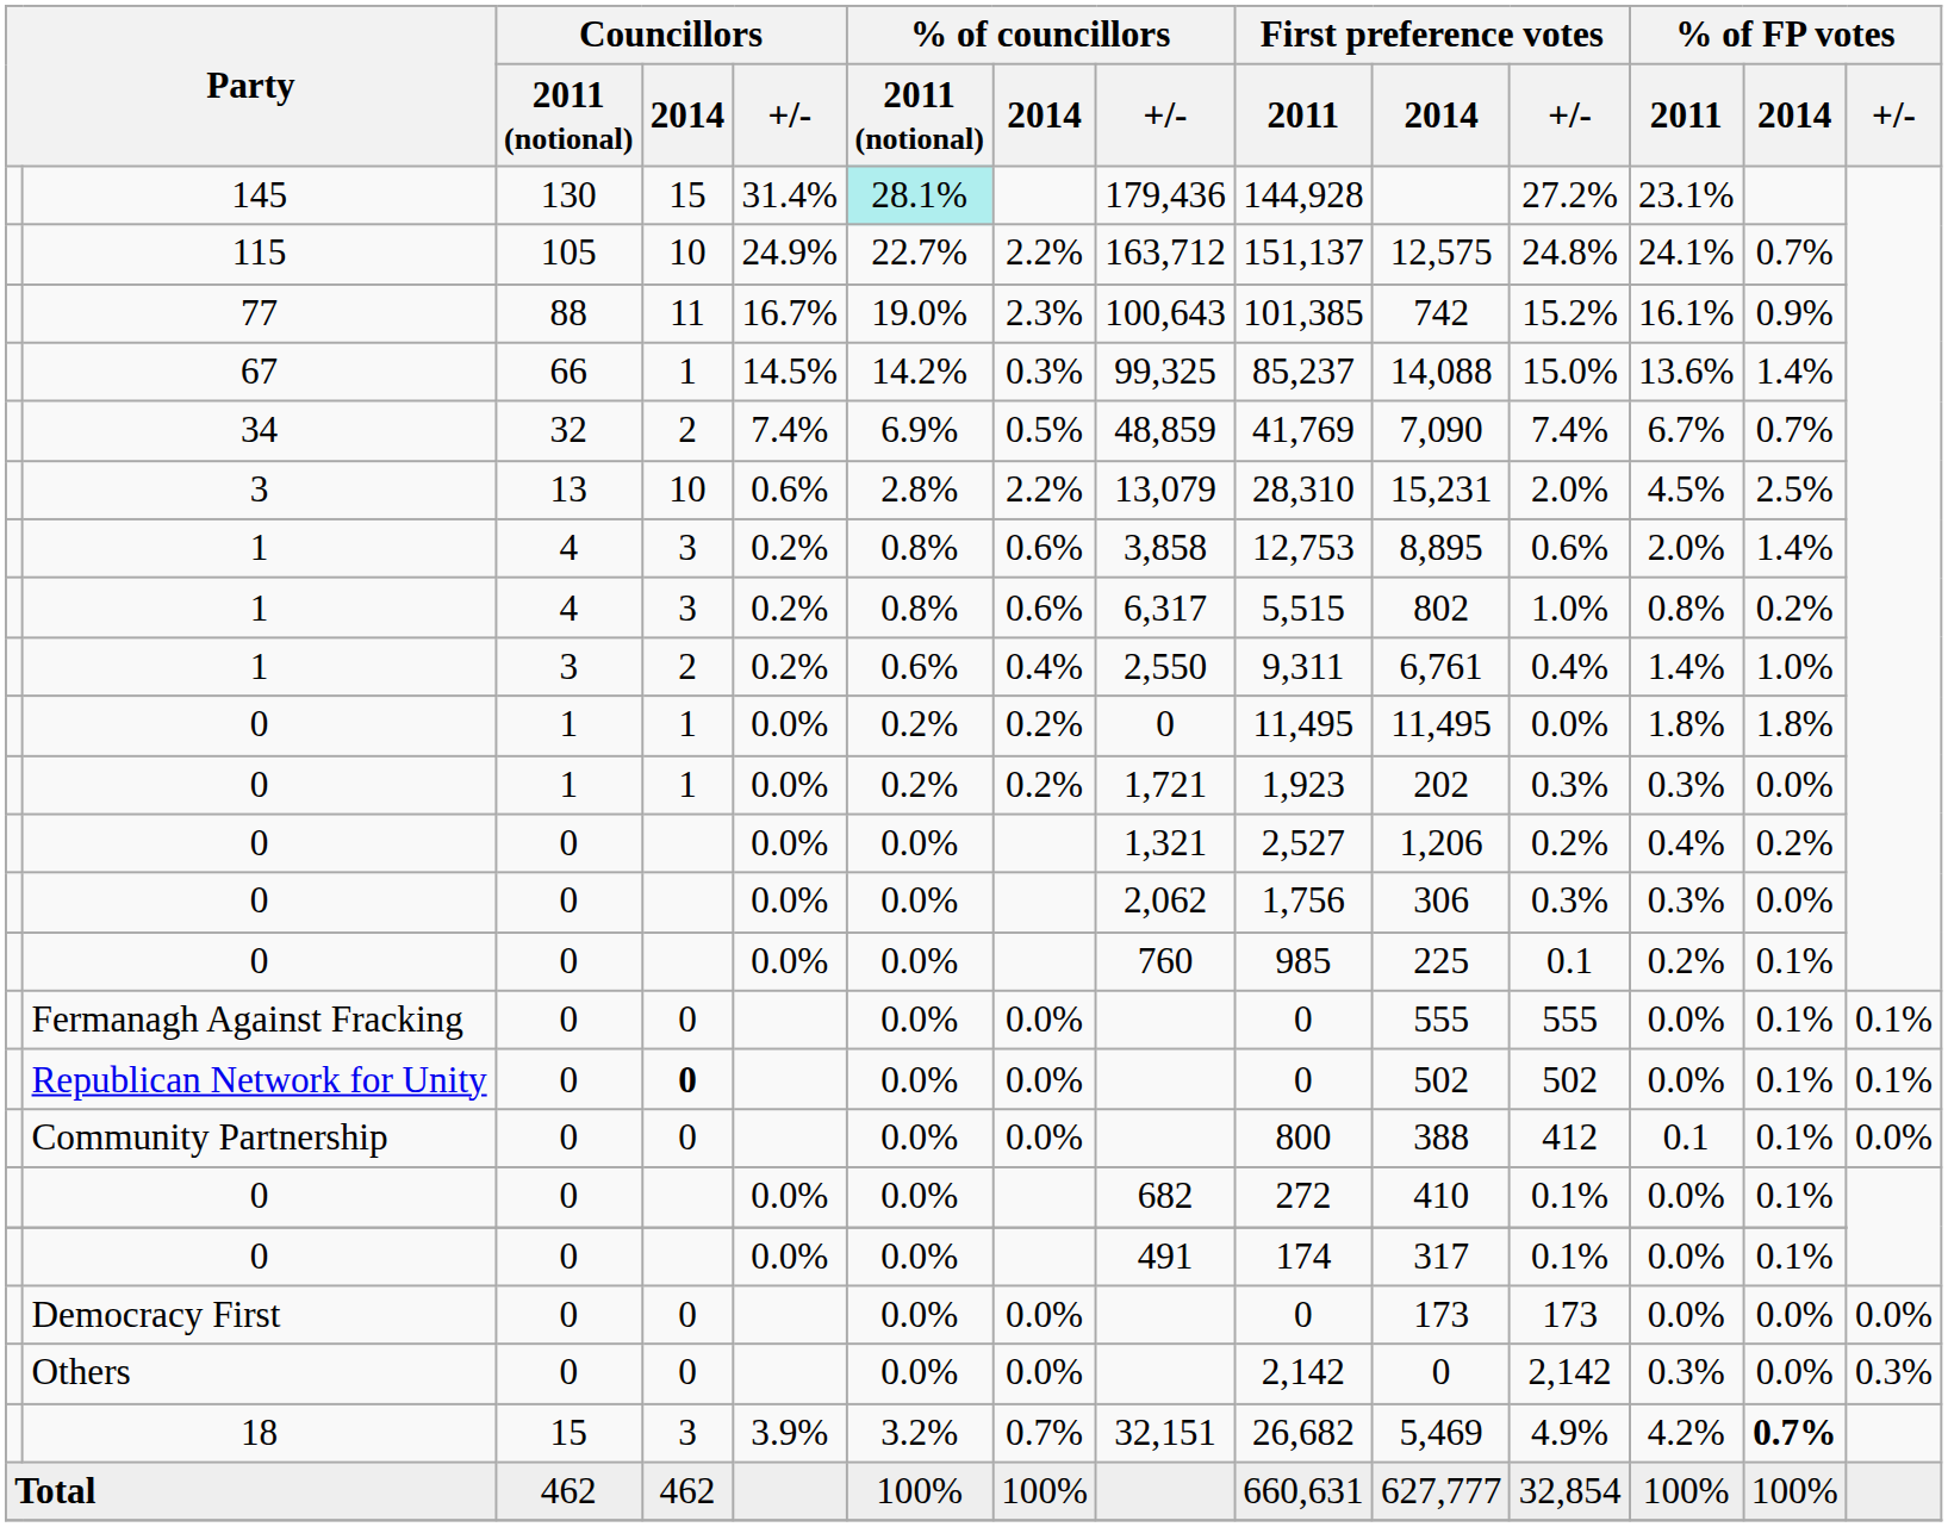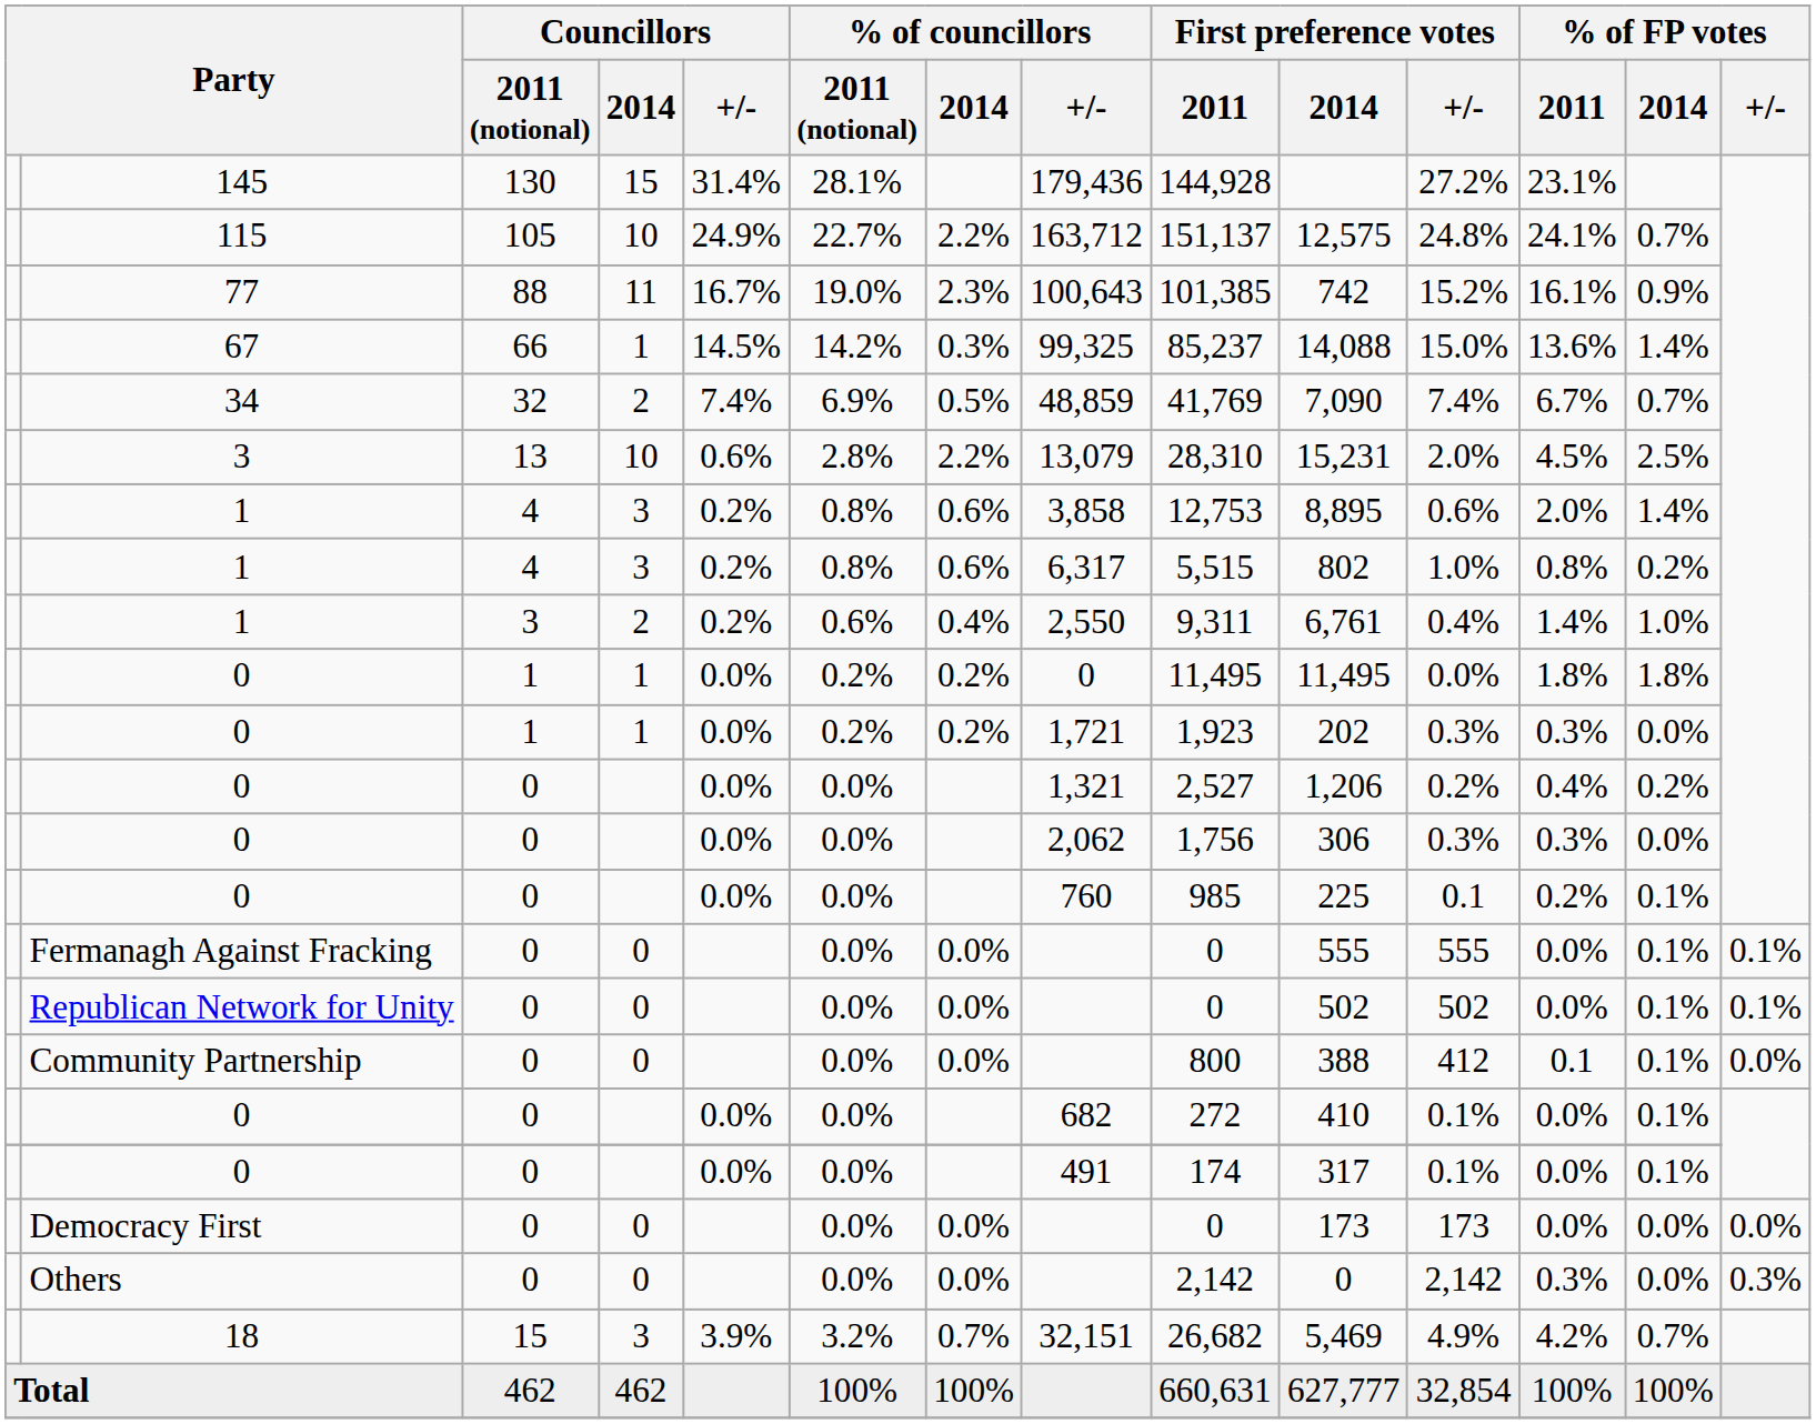 <table class="wikitable sortable" border="1" style="text-align:center">
 <tr>
 <th colspan="2" rowspan="2">Party</th>
 <th colspan="3">Councillors</th>
 <th colspan="3">% of councillors</th>
 <th colspan="3">First preference votes</th>
 <th colspan="3">% of FP votes</th>
 </tr>
 <tr>
 <th>2011 <br><small>(notional)</small></th>
 <th>2014</th>
 <th>+/-</th>
 <th>2011 <br><small>(notional)</small></th>
 <th>2014</th>
 <th>+/-</th>
 <th>2011</th>
 <th>2014</th>
 <th>+/-</th>
 <th>2011</th>
 <th>2014</th>
 <th>+/-</th>
 </tr>
 <tr>
 <td></td>
 <td>145</td>
 <td>130</td>
 <td>15</td>
 <td>31.4%</td>
-<td style="background: paleturquoise;">28.1%</td>
+<td>28.1%</td>
 <td></td>
 <td>179,436</td>
 <td>144,928</td>
 <td></td>
 <td>27.2%</td>
 <td>23.1%</td>
 <td></td>
 </tr>
 <tr>
 <td></td>
 <td>115</td>
 <td>105</td>
 <td>10</td>
 <td>24.9%</td>
 <td>22.7%</td>
 <td>2.2%</td>
 <td>163,712</td>
 <td>151,137</td>
 <td>12,575</td>
 <td>24.8%</td>
 <td>24.1%</td>
 <td>0.7%</td>
 </tr>
 <tr>
 <td></td>
 <td>77</td>
 <td>88</td>
 <td>11</td>
 <td>16.7%</td>
 <td>19.0%</td>
 <td>2.3%</td>
 <td>100,643</td>
 <td>101,385</td>
 <td>742</td>
 <td>15.2%</td>
 <td>16.1%</td>
 <td>0.9%</td>
 </tr>
 <tr>
 <td></td>
 <td>67</td>
 <td>66</td>
 <td>1</td>
 <td>14.5%</td>
 <td>14.2%</td>
 <td>0.3%</td>
 <td>99,325</td>
 <td>85,237</td>
 <td>14,088</td>
 <td>15.0%</td>
 <td>13.6%</td>
 <td>1.4%</td>
 </tr>
 <tr>
 <td></td>
 <td>34</td>
 <td>32</td>
 <td>2</td>
 <td>7.4%</td>
 <td>6.9%</td>
 <td>0.5%</td>
 <td>48,859</td>
 <td>41,769</td>
 <td>7,090</td>
 <td>7.4%</td>
 <td>6.7%</td>
 <td>0.7%</td>
 </tr>
 <tr>
 <td></td>
 <td>3</td>
 <td>13</td>
 <td>10</td>
 <td>0.6%</td>
 <td>2.8%</td>
 <td>2.2%</td>
 <td>13,079</td>
 <td>28,310</td>
 <td>15,231</td>
 <td>2.0%</td>
 <td>4.5%</td>
 <td>2.5%</td>
 </tr>
 <tr>
 <td></td>
 <td>1</td>
 <td>4</td>
 <td>3</td>
 <td>0.2%</td>
 <td>0.8%</td>
 <td>0.6%</td>
 <td>3,858</td>
 <td>12,753</td>
 <td>8,895</td>
 <td>0.6%</td>
 <td>2.0%</td>
 <td>1.4%</td>
 </tr>
 <tr>
 <td></td>
 <td>1</td>
 <td>4</td>
 <td>3</td>
 <td>0.2%</td>
 <td>0.8%</td>
 <td>0.6%</td>
 <td>6,317</td>
 <td>5,515</td>
 <td>802</td>
 <td>1.0%</td>
 <td>0.8%</td>
 <td>0.2%</td>
 </tr>
 <tr>
 <td></td>
 <td>1</td>
 <td>3</td>
 <td>2</td>
 <td>0.2%</td>
 <td>0.6%</td>
 <td>0.4%</td>
 <td>2,550</td>
 <td>9,311</td>
 <td>6,761</td>
 <td>0.4%</td>
 <td>1.4%</td>
 <td>1.0%</td>
 </tr>
 <tr>
 <td></td>
 <td>0</td>
 <td>1</td>
 <td>1</td>
 <td>0.0%</td>
 <td>0.2%</td>
 <td>0.2%</td>
 <td>0</td>
 <td>11,495</td>
 <td>11,495</td>
 <td>0.0%</td>
 <td>1.8%</td>
 <td>1.8%</td>
 </tr>
 <tr>
 <td></td>
 <td>0</td>
 <td>1</td>
 <td>1</td>
 <td>0.0%</td>
 <td>0.2%</td>
 <td>0.2%</td>
 <td>1,721</td>
 <td>1,923</td>
 <td>202</td>
 <td>0.3%</td>
 <td>0.3%</td>
 <td>0.0%</td>
 </tr>
 <tr>
 <td></td>
 <td>0</td>
 <td>0</td>
 <td></td>
 <td>0.0%</td>
 <td>0.0%</td>
 <td></td>
 <td>1,321</td>
 <td>2,527</td>
 <td>1,206</td>
 <td>0.2%</td>
 <td>0.4%</td>
 <td>0.2%</td>
 </tr>
 <tr>
 <td></td>
 <td>0</td>
 <td>0</td>
 <td></td>
 <td>0.0%</td>
 <td>0.0%</td>
 <td></td>
 <td>2,062</td>
 <td>1,756</td>
 <td>306</td>
 <td>0.3%</td>
 <td>0.3%</td>
 <td>0.0%</td>
 </tr>
 <tr>
 <td></td>
 <td>0</td>
 <td>0</td>
 <td></td>
 <td>0.0%</td>
 <td>0.0%</td>
 <td></td>
 <td>760</td>
 <td>985</td>
 <td>225</td>
 <td>0.1</td>
 <td>0.2%</td>
 <td>0.1%</td>
 </tr>
 <tr>
 <td></td>
 <td style="text-align:left">Fermanagh Against Fracking</td>
 <td>0</td>
 <td>0</td>
 <td></td>
 <td>0.0%</td>
 <td>0.0%</td>
 <td></td>
 <td>0</td>
 <td>555</td>
 <td>555</td>
 <td>0.0%</td>
 <td>0.1%</td>
 <td>0.1%</td>
 </tr>
 <tr>
 <td></td>
 <td style="text-align:left"><a href='#'>Republican Network for Unity</a></td>
 <td>0</td>
-<td><strong>0</strong></td>
+<td>0</td>
 <td></td>
 <td>0.0%</td>
 <td>0.0%</td>
 <td></td>
 <td>0</td>
 <td>502</td>
 <td>502</td>
 <td>0.0%</td>
 <td>0.1%</td>
 <td>0.1%</td>
 </tr>
 <tr>
 <td></td>
 <td style="text-align:left">Community Partnership</td>
 <td>0</td>
 <td>0</td>
 <td></td>
 <td>0.0%</td>
 <td>0.0%</td>
 <td></td>
 <td>800</td>
 <td>388</td>
 <td>412</td>
 <td>0.1</td>
 <td>0.1%</td>
 <td>0.0%</td>
 </tr>
 <tr>
 <td></td>
 <td>0</td>
 <td>0</td>
 <td></td>
 <td>0.0%</td>
 <td>0.0%</td>
 <td></td>
 <td>682</td>
 <td>272</td>
 <td>410</td>
 <td>0.1%</td>
 <td>0.0%</td>
 <td>0.1%</td>
 </tr>
 <tr>
 </tr>
 <tr>
 <td></td>
 <td>0</td>
 <td>0</td>
 <td></td>
 <td>0.0%</td>
 <td>0.0%</td>
 <td></td>
 <td>491</td>
 <td>174</td>
 <td>317</td>
 <td>0.1%</td>
 <td>0.0%</td>
 <td>0.1%</td>
 </tr>
 <tr>
 <td></td>
 <td style="text-align:left">Democracy First</td>
 <td>0</td>
 <td>0</td>
 <td></td>
 <td>0.0%</td>
 <td>0.0%</td>
 <td></td>
 <td>0</td>
 <td>173</td>
 <td>173</td>
 <td>0.0%</td>
 <td>0.0%</td>
 <td>0.0%</td>
 </tr>
 <tr>
 <td></td>
 <td style="text-align:left">Others</td>
 <td>0</td>
 <td>0</td>
 <td></td>
 <td>0.0%</td>
 <td>0.0%</td>
 <td></td>
 <td>2,142</td>
 <td>0</td>
 <td>2,142</td>
 <td>0.3%</td>
 <td>0.0%</td>
 <td>0.3%</td>
 </tr>
 <tr>
 <td></td>
 <td>18</td>
 <td>15</td>
 <td> 3</td>
 <td>3.9%</td>
 <td>3.2%</td>
 <td>0.7%</td>
 <td>32,151</td>
 <td>26,682</td>
 <td>5,469</td>
 <td>4.9%</td>
 <td>4.2%</td>
-<td><strong>0.7%</strong></td>
+<td>0.7%</td>
 </tr>
 <tr class="sortbottom" style="background:#eee;">
 <td style="text-align:left" colspan=2><strong>Total</strong></td>
 <td>462</td>
 <td>462</td>
 <td></td>
 <td>100%</td>
 <td>100%</td>
 <td></td>
 <td>660,631</td>
 <td>627,777</td>
 <td>32,854</td>
 <td>100%</td>
 <td>100%</td>
 <td></td>
 </tr>
 <tr>
 </tr>
 </table>
